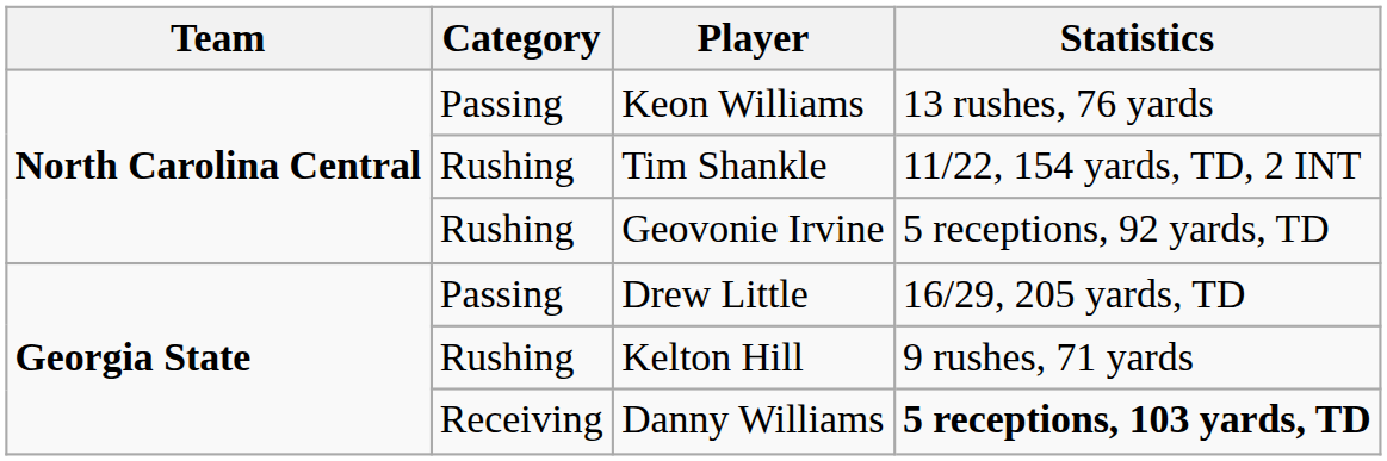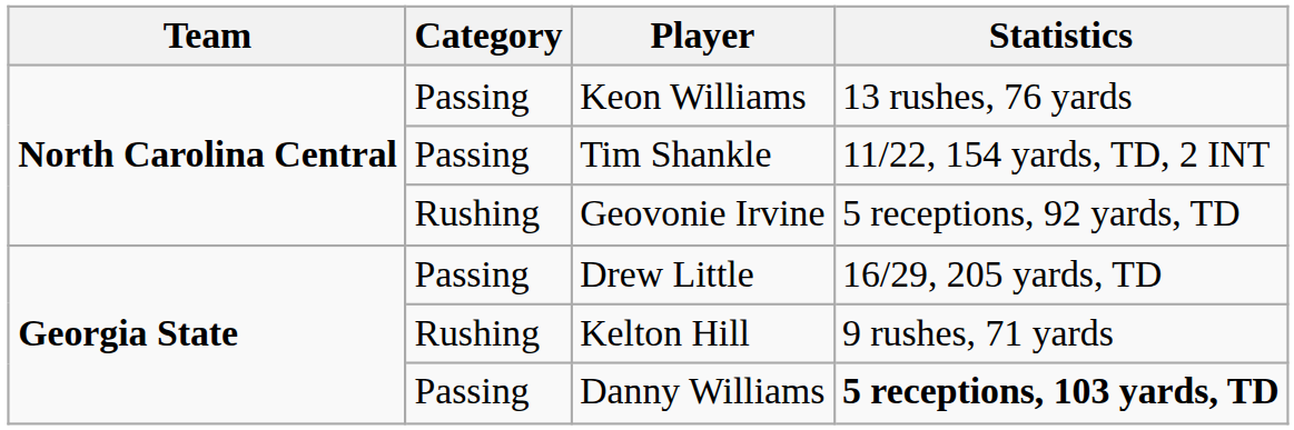 <table class="wikitable" style="float: right;">
 <tr>
 <th>Team</th>
 <th>Category</th>
 <th>Player</th>
 <th>Statistics</th>
 </tr>
 <tr>
 <td rowspan=3><strong>North Carolina Central</strong></td>
 <td>Passing</td>
 <td>Keon Williams</td>
 <td>13 rushes, 76 yards</td>
 </tr>
 <tr>
-<td>Rushing</td>
+<td>Passing</td>
 <td>Tim Shankle</td>
 <td>11/22, 154 yards, TD, 2 INT</td>
 </tr>
 <tr>
 <td>Rushing</td>
 <td>Geovonie Irvine</td>
 <td>5 receptions, 92 yards, TD</td>
 </tr>
 <tr>
 <td rowspan=3><strong>Georgia State</strong></td>
 <td>Passing</td>
 <td>Drew Little</td>
 <td>16/29, 205 yards, TD</td>
 </tr>
 <tr>
 <td>Rushing</td>
 <td>Kelton Hill</td>
 <td>9 rushes, 71 yards</td>
 </tr>
 <tr>
-<td>Receiving</td>
+<td>Passing</td>
 <td>Danny Williams</td>
 <td><strong>5 receptions, 103 yards, TD</strong></td>
 </tr>
 </table>
